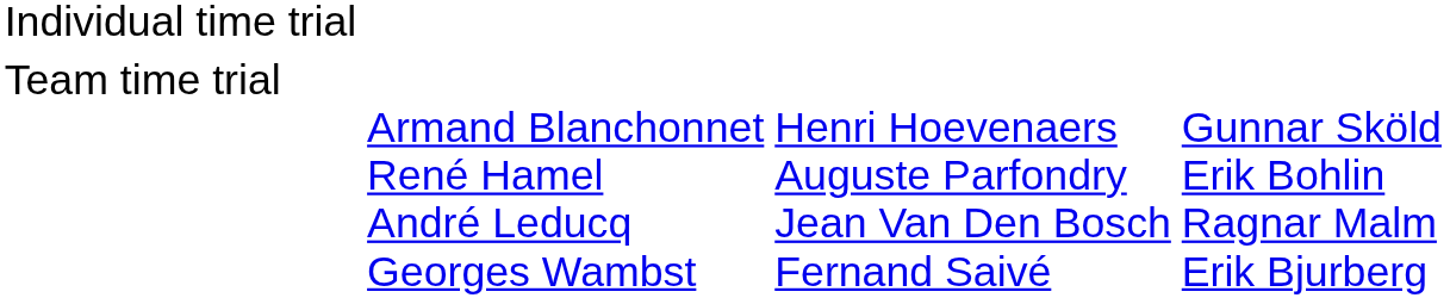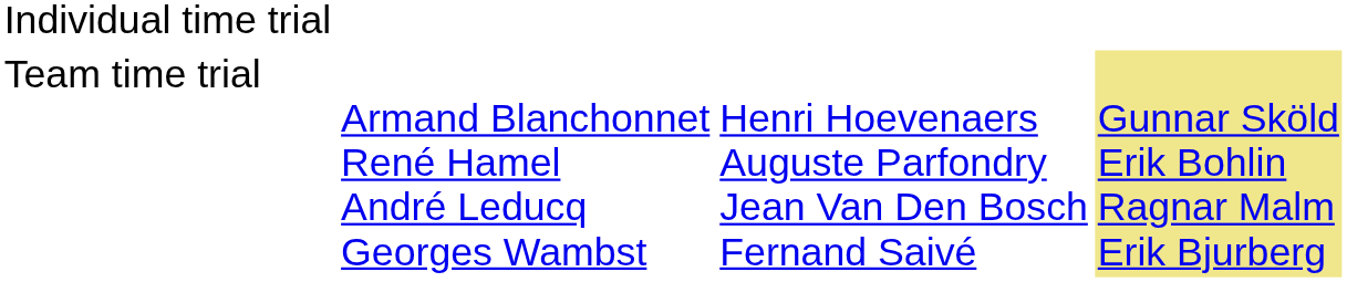 <table>
 <tr>
 <td>Individual time trial <br> </td>
 <td></td>
 <td></td>
 <td></td>
 </tr>
 <tr valign="top">
 <td>Team time trial <br> </td>
 <td><br><a href='#'>Armand Blanchonnet</a><br><a href='#'>René Hamel</a><br><a href='#'>André Leducq</a><br><a href='#'>Georges Wambst</a></td>
 <td><br><a href='#'>Henri Hoevenaers</a><br><a href='#'>Auguste Parfondry</a><br><a href='#'>Jean Van Den Bosch</a><br><a href='#'>Fernand Saivé</a></td>
-<td><br><a href='#'>Gunnar Sköld</a><br><a href='#'>Erik Bohlin</a><br><a href='#'>Ragnar Malm</a><br><a href='#'>Erik Bjurberg</a></td>
+<td style="background: khaki;"><br><a href='#'>Gunnar Sköld</a><br><a href='#'>Erik Bohlin</a><br><a href='#'>Ragnar Malm</a><br><a href='#'>Erik Bjurberg</a></td>
 </tr>
 </table>
